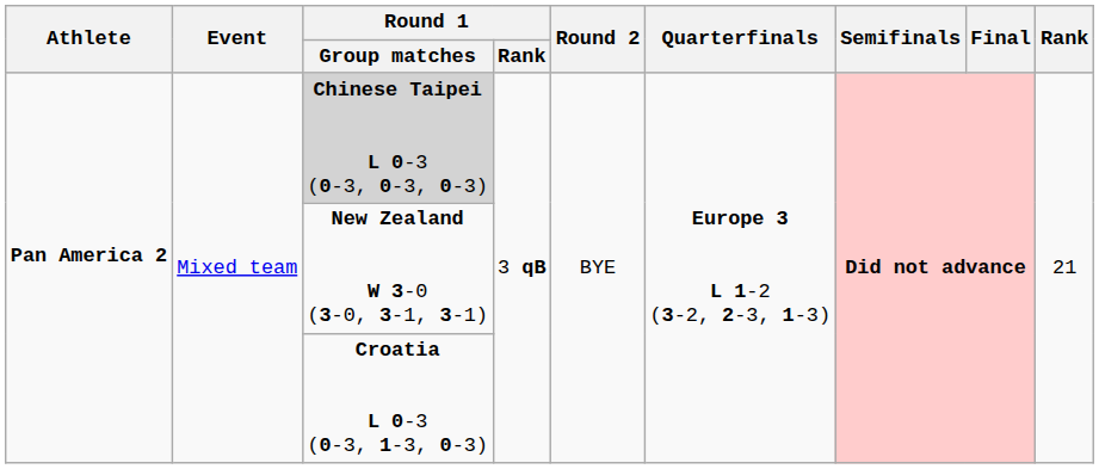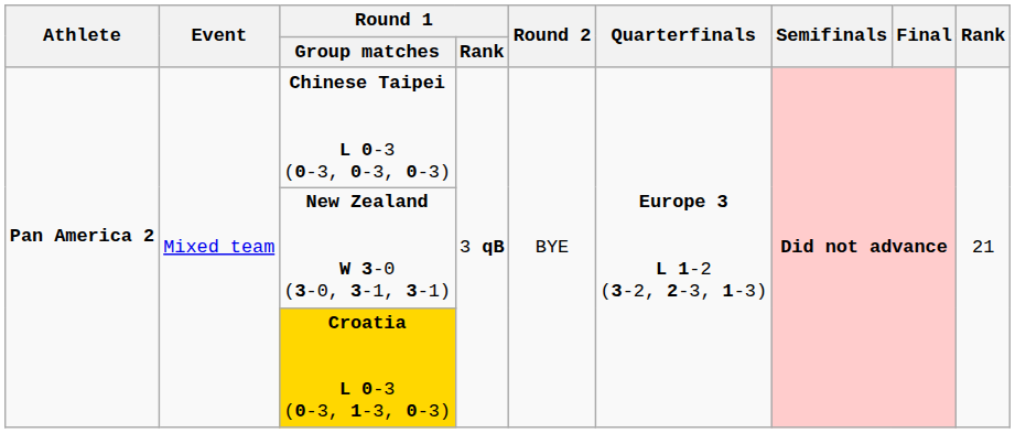 <table class="wikitable" border="1" style="font-size:90%">
 <tr>
 <th rowspan=2>Athlete</th>
 <th rowspan=2>Event</th>
 <th colspan=2>Round 1</th>
 <th rowspan=2>Round 2</th>
 <th rowspan=2>Quarterfinals</th>
 <th rowspan=2>Semifinals</th>
 <th rowspan=2>Final</th>
 <th rowspan=2>Rank</th>
 </tr>
 <tr>
 <th>Group matches</th>
 <th>Rank</th>
 </tr>
 <tr>
 <td rowspan=3><strong>Pan America 2</strong><br><br></td>
 <td rowspan=3><a href='#'>Mixed team</a></td>
-<td align=center style="background: lightgrey;"><strong>Chinese Taipei</strong><br><br><br> <strong>L</strong> <strong>0</strong>-3 <br> (<strong>0</strong>-3, <strong>0</strong>-3, <strong>0</strong>-3)</td>
+<td align=center><strong>Chinese Taipei</strong><br><br><br> <strong>L</strong> <strong>0</strong>-3 <br> (<strong>0</strong>-3, <strong>0</strong>-3, <strong>0</strong>-3)</td>
 <td rowspan=3 align=center>3 <strong>qB</strong></td>
 <td align=center rowspan=3>BYE</td>
 <td align=center rowspan=3><strong>Europe 3</strong><br><br><br> <strong>L</strong> <strong>1</strong>-2 <br> (<strong>3</strong>-2, <strong>2</strong>-3, <strong>1</strong>-3)</td>
 <td rowspan=3 colspan=2 align=center bgcolor="#ffcccc"><strong>Did not advance</strong></td>
 <td rowspan=3 align=center>21</td>
 </tr>
 <tr>
 <td align=center><strong>New Zealand</strong><br><br><br> <strong>W</strong> <strong>3</strong>-0 <br> (<strong>3</strong>-0, <strong>3</strong>-1, <strong>3</strong>-1)</td>
 </tr>
 <tr>
-<td align=center><strong>Croatia</strong><br><br><br> <strong>L</strong> <strong>0</strong>-3 <br> (<strong>0</strong>-3, <strong>1</strong>-3, <strong>0</strong>-3)</td>
+<td align=center style="background: gold;"><strong>Croatia</strong><br><br><br> <strong>L</strong> <strong>0</strong>-3 <br> (<strong>0</strong>-3, <strong>1</strong>-3, <strong>0</strong>-3)</td>
 </tr>
 </table>
